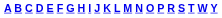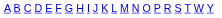 <table id="toc" class="toc" summary="Contents">
 <tr>
 <th></th>
 </tr>
 <tr>
-<td><strong><a href='#'>A</a> <a href='#'>B</a> <a href='#'>C</a> <a href='#'>D</a> <a href='#'>E</a> <a href='#'>F</a> <a href='#'>G</a> <a href='#'>H</a> <a href='#'>I</a> <a href='#'>J</a> <a href='#'>K</a> <a href='#'>L</a> <a href='#'>M</a> <a href='#'>N</a> <a href='#'>O</a> <a href='#'>P</a> <a href='#'>R</a> <a href='#'>S</a> <a href='#'>T</a> <a href='#'>W</a> <a href='#'>Y</a><br><br></strong></td>
+<td><a href='#'>A</a> <a href='#'>B</a> <a href='#'>C</a> <a href='#'>D</a> <a href='#'>E</a> <a href='#'>F</a> <a href='#'>G</a> <a href='#'>H</a> <a href='#'>I</a> <a href='#'>J</a> <a href='#'>K</a> <a href='#'>L</a> <a href='#'>M</a> <a href='#'>N</a> <a href='#'>O</a> <a href='#'>P</a> <a href='#'>R</a> <a href='#'>S</a> <a href='#'>T</a> <a href='#'>W</a> <a href='#'>Y</a><br><br></td>
 </tr>
 </table>
